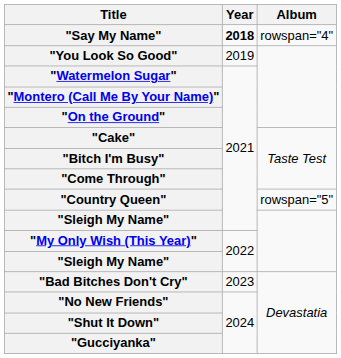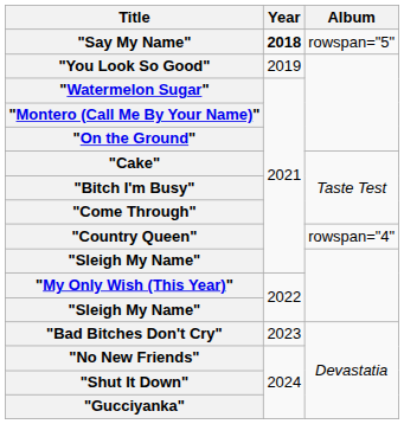 <table class="wikitable plainrowheaders" style="text-align:center;">
 <tr>
 <th scope="col">Title</th>
 <th scope="col">Year</th>
 <th scope="col">Album</th>
 </tr>
 <tr>
 <th scope="row">"Say My Name"</th>
 <td><strong>2018</strong></td>
-<td>rowspan="4" </td>
+<td>rowspan="5" </td>
 </tr>
 <tr>
 <th scope="row">"You Look So Good"</th>
 <td>2019</td>
 </tr>
 <tr>
 <th scope="row">"<a href='#'>Watermelon Sugar</a>"</th>
 <td rowspan=8>2021</td>
 </tr>
 <tr>
 <th scope="row">"<a href='#'>Montero (Call Me By Your Name)</a>"</th>
 </tr>
 <tr>
 <th scope="row">"<a href='#'>On the Ground</a>"</th>
 </tr>
 <tr>
 <th scope="row">"Cake"</th>
 <td rowspan=3><em>Taste Test</em></td>
 </tr>
 <tr>
 <th scope="row">"Bitch I'm Busy"</th>
 </tr>
 <tr>
 <th scope="row">"Come Through"<br></th>
 </tr>
 <tr>
 <th scope="row">"Country Queen"</th>
-<td>rowspan="5" </td>
+<td>rowspan="4" </td>
 </tr>
 <tr>
 <th scope="row">"Sleigh My Name"</th>
 </tr>
 <tr>
 <th scope="row">"<a href='#'>My Only Wish (This Year)</a>"<br></th>
 <td rowspan="2">2022</td>
 </tr>
 <tr>
 <th scope="row">"Sleigh My Name"<br></th>
 </tr>
 <tr>
 <th scope="row">"Bad Bitches Don't Cry"<br></th>
 <td>2023</td>
 <td rowspan="4"><em>Devastatia</em></td>
 </tr>
 <tr>
 <th scope="row">"No New Friends"</th>
 <td rowspan="3">2024</td>
 </tr>
 <tr>
 <th scope="row">"Shut It Down"</th>
 </tr>
 <tr>
 <th scope="row">"Gucciyanka" <br></th>
 </tr>
 </table>
